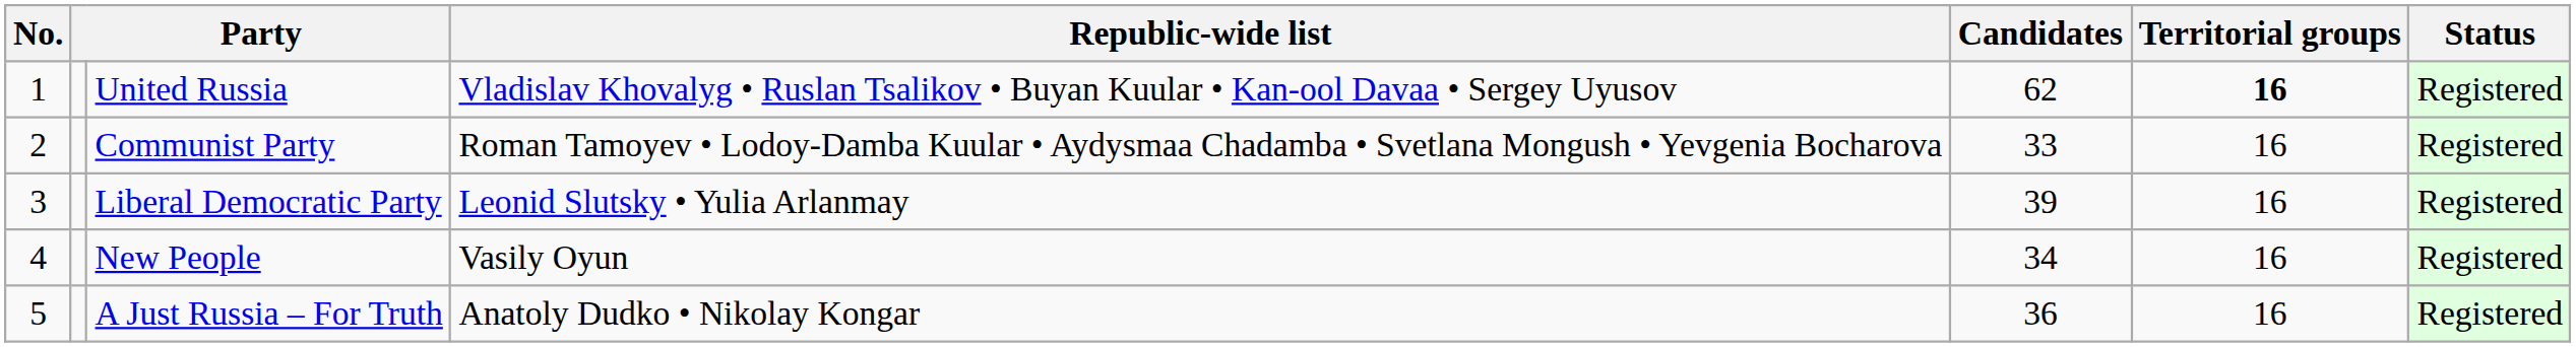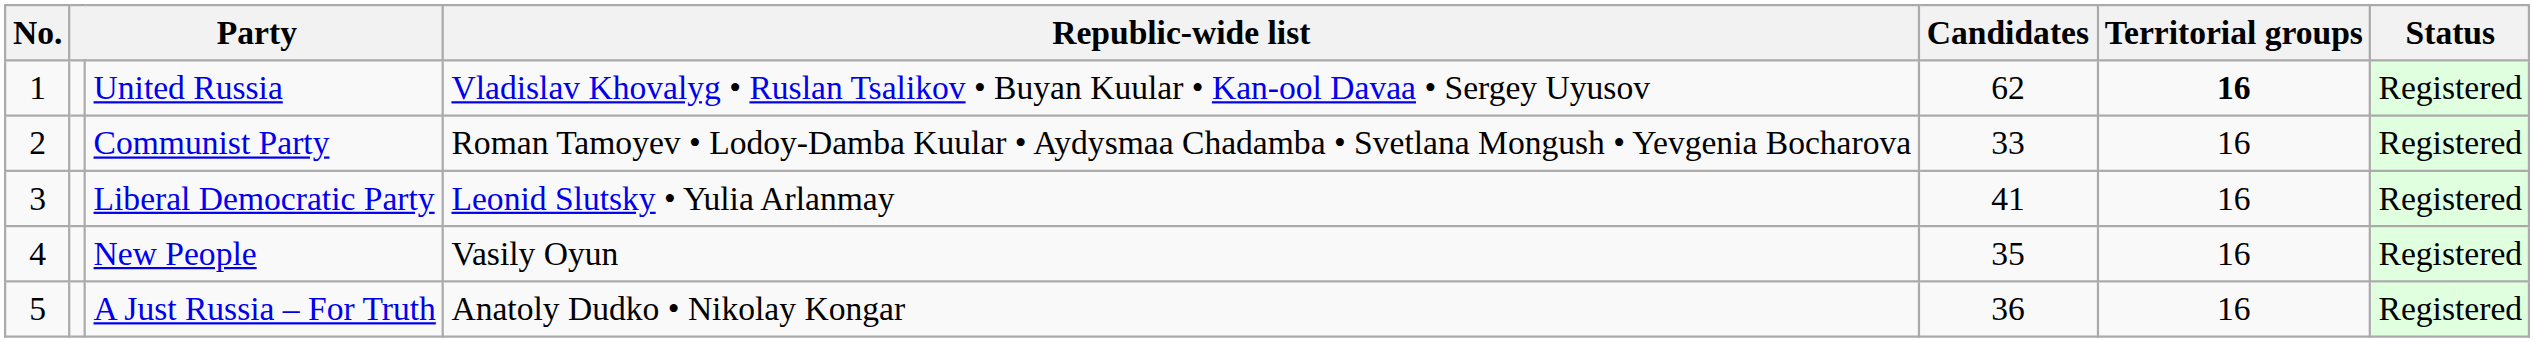 <table class="wikitable sortable" style="background: #f9f9f9; text-align:right; font-size: 95%">
 <tr>
 <th align=center>No.</th>
 <th colspan="2">Party</th>
 <th align=center>Republic-wide list</th>
 <th align=center>Candidates</th>
 <th align=center>Territorial groups</th>
 <th align=center>Status</th>
 </tr>
 <tr>
 <td align=center>1</td>
 <td style="background-color:"></td>
 <td align=left><a href='#'>United Russia</a></td>
 <td align=left><a href='#'>Vladislav Khovalyg</a> • <a href='#'>Ruslan Tsalikov</a> • Buyan Kuular • <a href='#'>Kan-ool Davaa</a> • Sergey Uyusov</td>
 <td align=center>62</td>
 <td align=center><strong>16</strong></td>
 <td align=center bgcolor="#DFFFDF">Registered</td>
 </tr>
 <tr>
 <td align=center>2</td>
 <td style="background-color:"></td>
 <td align=left><a href='#'>Communist Party</a></td>
 <td align=left>Roman Tamoyev • Lodoy-Damba Kuular • Aydysmaa Chadamba • Svetlana Mongush • Yevgenia Bocharova</td>
 <td align=center>33</td>
 <td align=center>16</td>
 <td align=center bgcolor="#DFFFDF">Registered</td>
 </tr>
 <tr>
 <td align=center>3</td>
 <td style="background-color:"></td>
 <td align=left><a href='#'>Liberal Democratic Party</a></td>
 <td align=left><a href='#'>Leonid Slutsky</a> • Yulia Arlanmay</td>
-<td align=center>39</td>
+<td align=center>41</td>
 <td align=center>16</td>
 <td align=center bgcolor="#DFFFDF">Registered</td>
 </tr>
 <tr>
 <td align=center>4</td>
 <td style="background-color:"></td>
 <td align=left><a href='#'>New People</a></td>
 <td align=left>Vasily Oyun</td>
-<td align=center>34</td>
+<td align=center>35</td>
 <td align=center>16</td>
 <td align=center bgcolor="#DFFFDF">Registered</td>
 </tr>
 <tr>
 <td align=center>5</td>
 <td style="background-color:"></td>
 <td align=left><a href='#'>A Just Russia – For Truth</a></td>
 <td align=left>Anatoly Dudko • Nikolay Kongar</td>
 <td align=center>36</td>
 <td align=center>16</td>
 <td align=center bgcolor="#DFFFDF">Registered</td>
 </tr>
 </table>
